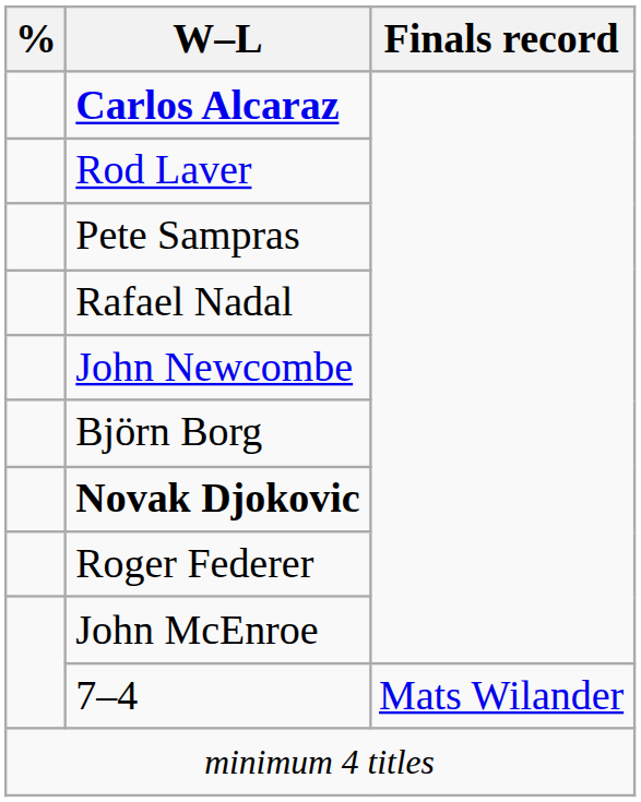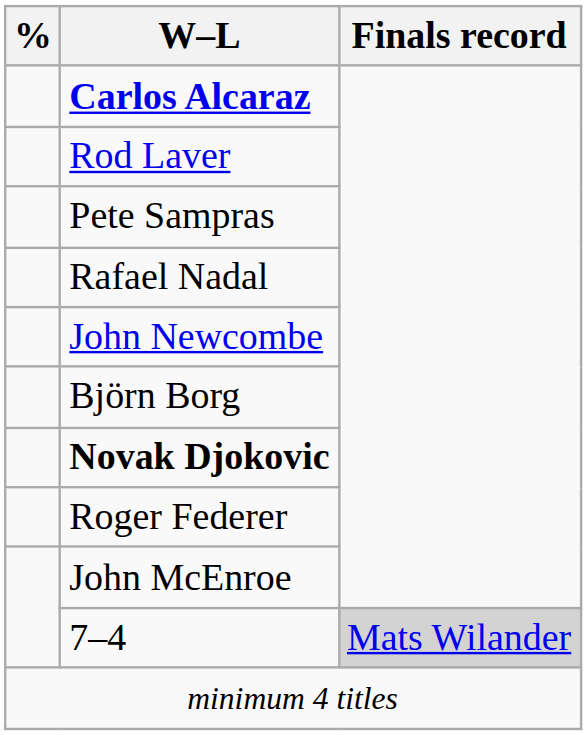 <table class="wikitable" style="display:inline-table;">
 <tr>
 <th>%</th>
 <th>W–L</th>
 <th>Finals record</th>
 </tr>
 <tr>
 <td></td>
 <td> <strong><a href='#'>Carlos Alcaraz</a></strong></td>
 </tr>
 <tr>
 <td></td>
 <td> <a href='#'>Rod Laver</a></td>
 </tr>
 <tr>
 <td></td>
 <td> Pete Sampras</td>
 </tr>
 <tr>
 <td></td>
 <td> Rafael Nadal</td>
 </tr>
 <tr>
 <td></td>
 <td> <a href='#'>John Newcombe</a></td>
 </tr>
 <tr>
 <td></td>
 <td> Björn Borg</td>
 </tr>
 <tr>
 <td></td>
 <td> <strong>Novak Djokovic</strong></td>
 </tr>
 <tr>
 <td></td>
 <td> Roger Federer</td>
 </tr>
 <tr>
 <td rowspan=2></td>
 <td> John McEnroe</td>
 </tr>
 <tr>
 <td>7–4</td>
-<td> <a href='#'>Mats Wilander</a></td>
+<td style="background: lightgrey;"> <a href='#'>Mats Wilander</a></td>
 </tr>
 <tr>
 <td colspan="3" style="text-align: center;"><em><small>minimum 4 titles</small></em></td>
 </tr>
 </table>
